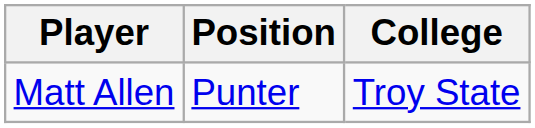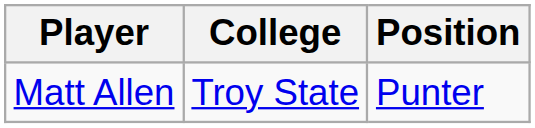 <table class="wikitable">
 <tr>
 <th>Player</th>
+<th>College</th>
 <th>Position</th>
-<th>College</th>
 </tr>
 <tr>
 <td><a href='#'>Matt Allen</a></td>
+<td><a href='#'>Troy State</a></td>
 <td><a href='#'>Punter</a></td>
-<td><a href='#'>Troy State</a></td>
 </tr>
 </table>
